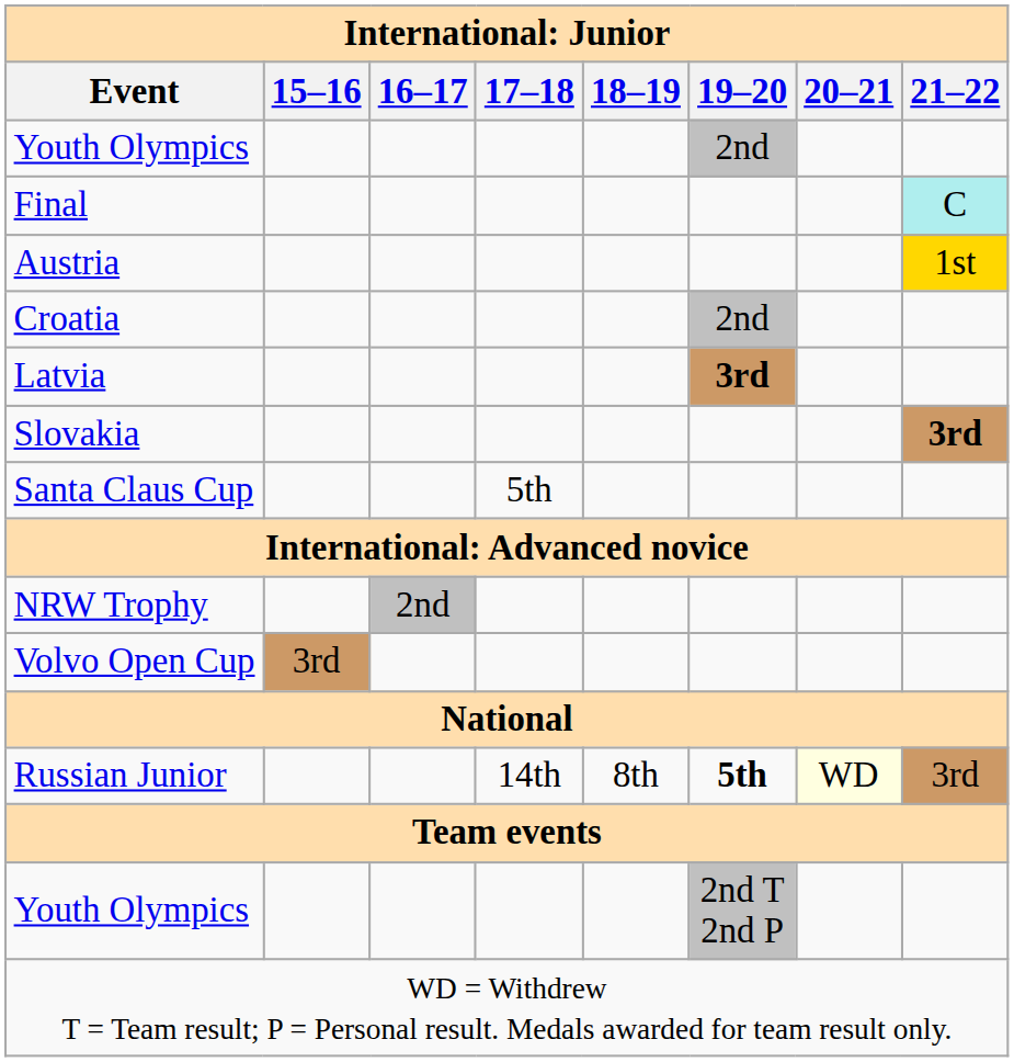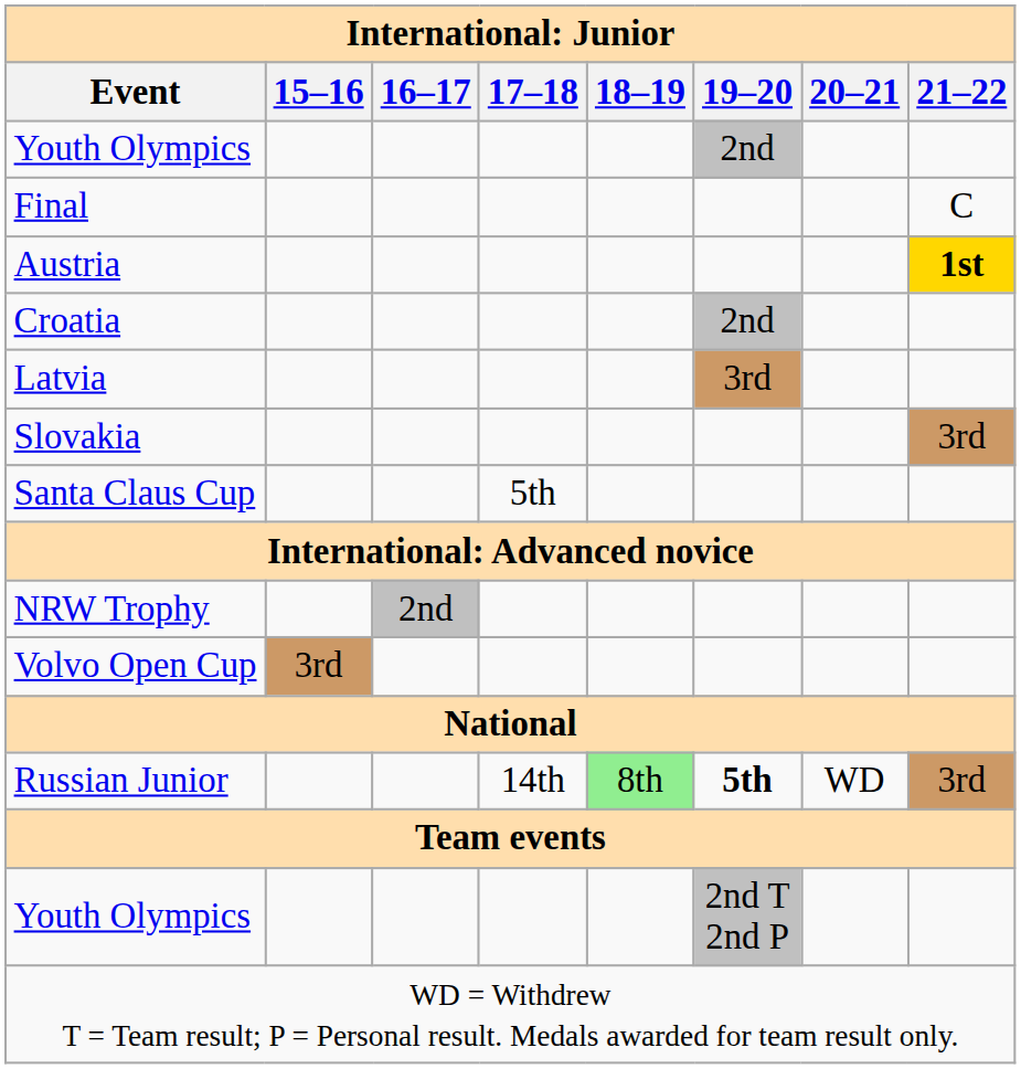 <table class="wikitable" style="text-align:center">
 <tr>
 <th colspan=11 style="background-color: #ffdead;" align=center>International: Junior</th>
 </tr>
 <tr>
 <th>Event</th>
 <th><a href='#'>15–16</a></th>
 <th><a href='#'>16–17</a></th>
 <th><a href='#'>17–18</a></th>
 <th><a href='#'>18–19</a></th>
 <th><a href='#'>19–20</a></th>
 <th><a href='#'>20–21</a></th>
 <th><a href='#'>21–22</a></th>
 </tr>
 <tr>
 <td align=left><a href='#'>Youth Olympics</a></td>
 <td></td>
 <td></td>
 <td></td>
 <td></td>
 <td bgcolor=silver>2nd</td>
 <td></td>
 <td></td>
 </tr>
 <tr>
 <td align="left"> <a href='#'>Final</a></td>
 <td></td>
 <td></td>
 <td></td>
 <td></td>
 <td></td>
 <td></td>
-<td style="background: paleturquoise;">C</td>
+<td>C</td>
 </tr>
 <tr>
 <td align=left> <a href='#'>Austria</a></td>
 <td></td>
 <td></td>
 <td></td>
 <td></td>
 <td></td>
 <td></td>
-<td bgcolor=gold>1st</td>
+<td bgcolor=gold><strong>1st</strong></td>
 </tr>
 <tr>
 <td align=left> <a href='#'>Croatia</a></td>
 <td></td>
 <td></td>
 <td></td>
 <td></td>
 <td bgcolor=silver>2nd</td>
 <td></td>
 <td></td>
 </tr>
 <tr>
 <td align=left> <a href='#'>Latvia</a></td>
 <td></td>
 <td></td>
 <td></td>
 <td></td>
-<td bgcolor=cc9966><strong>3rd</strong></td>
+<td bgcolor=cc9966>3rd</td>
 <td></td>
 <td></td>
 </tr>
 <tr>
 <td align=left> <a href='#'>Slovakia</a></td>
 <td></td>
 <td></td>
 <td></td>
 <td></td>
 <td></td>
 <td></td>
-<td bgcolor=cc9966><strong>3rd</strong></td>
+<td bgcolor=cc9966>3rd</td>
 </tr>
 <tr>
 <td align=left><a href='#'>Santa Claus Cup</a></td>
 <td></td>
 <td></td>
 <td>5th</td>
 <td></td>
 <td></td>
 <td></td>
 <td></td>
 </tr>
 <tr>
 <th colspan=11 style="background-color: #ffdead;" align=center>International: Advanced novice</th>
 </tr>
 <tr>
 <td align=left><a href='#'>NRW Trophy</a></td>
 <td></td>
 <td bgcolor=silver>2nd</td>
 <td></td>
 <td></td>
 <td></td>
 <td></td>
 <td></td>
 </tr>
 <tr>
 <td align=left><a href='#'>Volvo Open Cup</a></td>
 <td bgcolor=cc9966>3rd</td>
 <td></td>
 <td></td>
 <td></td>
 <td></td>
 <td></td>
 <td></td>
 </tr>
 <tr>
 <th colspan=11 style="background-color: #ffdead;" align=center>National</th>
 </tr>
 <tr>
 <td align=left><a href='#'>Russian Junior</a></td>
 <td></td>
 <td></td>
 <td>14th</td>
-<td>8th</td>
+<td style="background: lightgreen;">8th</td>
 <td><strong>5th</strong></td>
-<td style="background: lightyellow;">WD</td>
+<td>WD</td>
 <td bgcolor=cc9966>3rd</td>
 </tr>
 <tr>
 <th colspan=11 style="background-color: #ffdead; " align=center>Team events</th>
 </tr>
 <tr>
 <td align=left><a href='#'>Youth Olympics</a></td>
 <td></td>
 <td></td>
 <td></td>
 <td></td>
 <td bgcolor=silver>2nd T<br>2nd P</td>
 <td></td>
 <td></td>
 </tr>
 <tr>
 <td colspan=11 align=center><small> WD = Withdrew <br> T = Team result; P = Personal result. Medals awarded for team result only. </small></td>
 </tr>
 </table>
